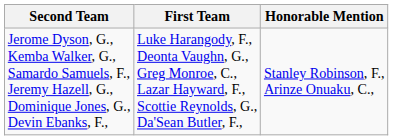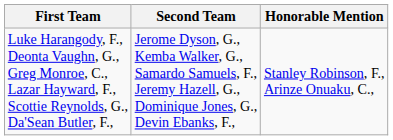 <table class="wikitable" style="white-space:nowrap; font-size:90%;">
 <tr>
+<th>First Team</th>
 <th>Second Team</th>
-<th>First Team</th>
 <th>Honorable Mention</th>
 </tr>
 <tr>
+<td><a href='#'>Luke Harangody</a>, F., <br><a href='#'>Deonta Vaughn</a>, G., <br><a href='#'>Greg Monroe</a>, C., <br><a href='#'>Lazar Hayward</a>, F., <br><a href='#'>Scottie Reynolds</a>, G., <br><a href='#'>Da'Sean Butler</a>, F., </td>
 <td><a href='#'>Jerome Dyson</a>, G., <br><a href='#'>Kemba Walker</a>, G., <br><a href='#'>Samardo Samuels</a>, F., <br><a href='#'>Jeremy Hazell</a>, G., <br><a href='#'>Dominique Jones</a>, G., <br><a href='#'>Devin Ebanks</a>, F., </td>
-<td><a href='#'>Luke Harangody</a>, F., <br><a href='#'>Deonta Vaughn</a>, G., <br><a href='#'>Greg Monroe</a>, C., <br><a href='#'>Lazar Hayward</a>, F., <br><a href='#'>Scottie Reynolds</a>, G., <br><a href='#'>Da'Sean Butler</a>, F., </td>
 <td><a href='#'>Stanley Robinson</a>, F., <br><a href='#'>Arinze Onuaku</a>, C., </td>
 </tr>
 </table>
